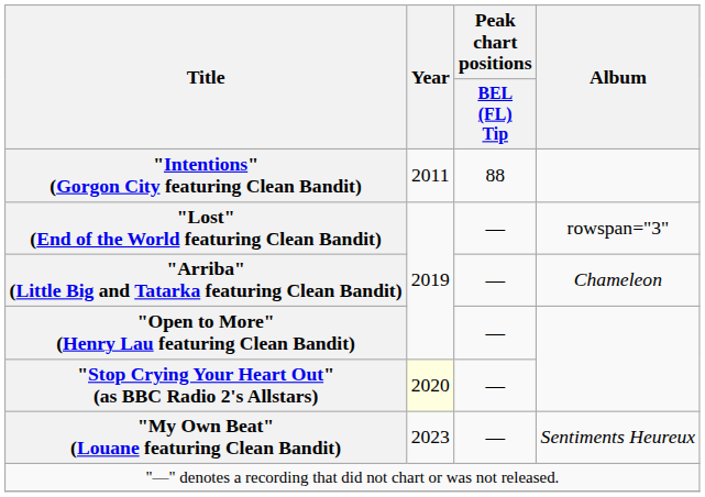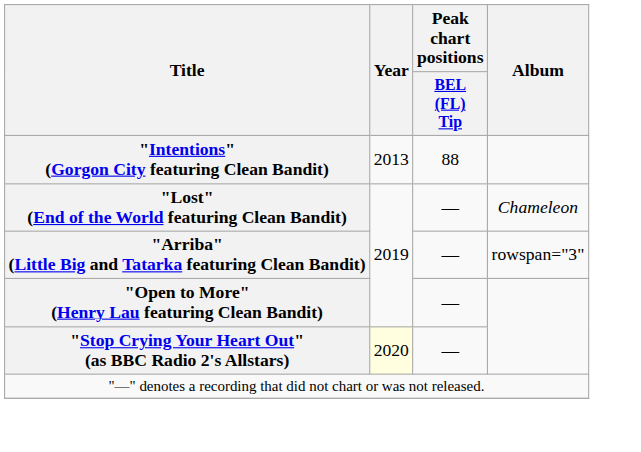 <table class="wikitable plainrowheaders" style="text-align:center;">
 <tr>
 <th scope="col" rowspan="2">Title</th>
 <th scope="col" rowspan="2">Year</th>
 <th scope="col">Peak chart positions</th>
 <th scope="col" rowspan="2">Album</th>
 </tr>
 <tr>
 <th scope="col" style="width:3em;font-size:90%;"><a href='#'>BEL<br>(FL)<br>Tip</a><br></th>
 </tr>
 <tr>
 <th scope="row">"<a href='#'>Intentions</a>"<br><span>(<a href='#'>Gorgon City</a> featuring Clean Bandit)</span></th>
-<td>2011</td>
+<td>2013</td>
 <td>88</td>
 <td></td>
 </tr>
 <tr>
 <th scope="row">"Lost"<br><span>(<a href='#'>End of the World</a> featuring Clean Bandit)</span></th>
 <td rowspan="3">2019</td>
 <td>—</td>
-<td>rowspan="3" </td>
+<td><em>Chameleon</em></td>
 </tr>
 <tr>
 <th scope="row">"Arriba"<br><span>(<a href='#'>Little Big</a> and <a href='#'>Tatarka</a> featuring Clean Bandit)</span></th>
 <td>—</td>
-<td><em>Chameleon</em></td>
+<td>rowspan="3" </td>
 </tr>
 <tr>
 <th scope="row">"Open to More"<br><span>(<a href='#'>Henry Lau</a> featuring Clean Bandit)</span></th>
 <td>—</td>
 </tr>
 <tr>
 <th scope="row">"<a href='#'>Stop Crying Your Heart Out</a>"<br><span>(as BBC Radio 2's Allstars)</span></th>
 <td style="background: lightyellow;">2020</td>
 <td>—</td>
 </tr>
 <tr>
-<th scope="row">"My Own Beat"<br><span>(<a href='#'>Louane</a> featuring Clean Bandit)</span></th>
-<td>2023</td>
-<td>—</td>
-<td><em>Sentiments Heureux</em></td>
-</tr>
-<tr>
 <td colspan="4" style="font-size:85%">"—" denotes a recording that did not chart or was not released.</td>
 </tr>
 <tr>
 </tr>
 </table>
